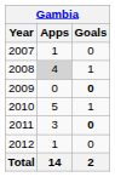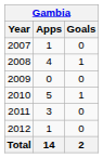 <table class="wikitable" style="text-align:center">
 <tr>
 <th colspan=3><a href='#'>Gambia</a></th>
 </tr>
 <tr>
 <th>Year</th>
 <th>Apps</th>
 <th>Goals</th>
 </tr>
 <tr>
 <td>2007</td>
 <td>1</td>
 <td>0</td>
 </tr>
 <tr>
 <td>2008</td>
-<td style="background: lightgrey;">4</td>
+<td>4</td>
 <td>1</td>
 </tr>
 <tr>
 <td>2009</td>
 <td>0</td>
-<td><strong>0</strong></td>
+<td>0</td>
 </tr>
 <tr>
 <td>2010</td>
 <td>5</td>
 <td>1</td>
 </tr>
 <tr>
 <td>2011</td>
 <td>3</td>
-<td><strong>0</strong></td>
+<td>0</td>
 </tr>
 <tr>
 <td>2012</td>
 <td>1</td>
 <td>0</td>
 </tr>
 <tr>
 <th>Total</th>
 <th>14</th>
 <th>2</th>
 </tr>
 </table>
